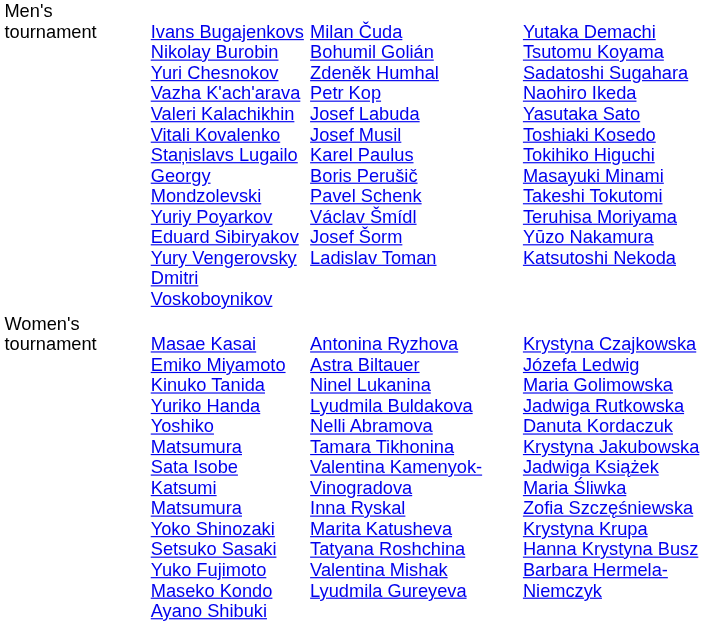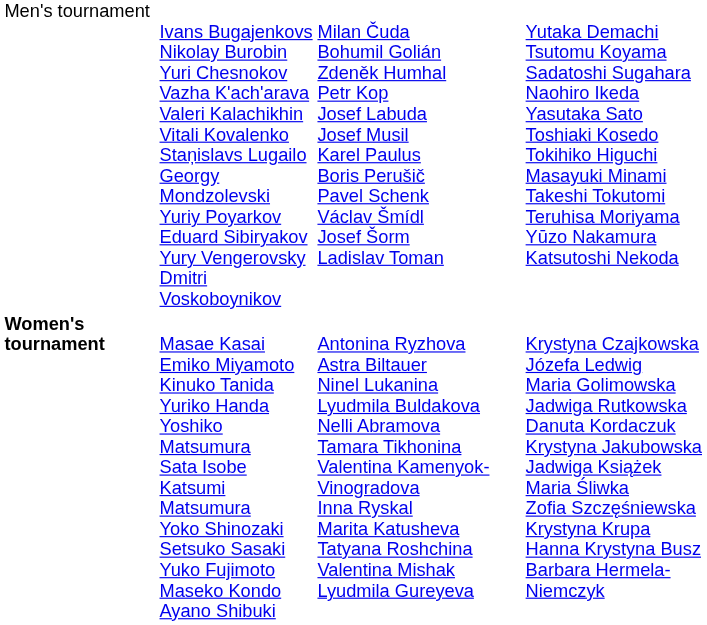 <table>
 <tr valign="top">
 <td>Men's tournament <br></td>
 <td valign=top><br><a href='#'>Ivans Bugajenkovs</a><br><a href='#'>Nikolay Burobin</a><br><a href='#'>Yuri Chesnokov</a><br><a href='#'>Vazha K'ach'arava</a><br><a href='#'>Valeri Kalachikhin</a><br><a href='#'>Vitali Kovalenko</a><br><a href='#'>Staņislavs Lugailo</a><br><a href='#'>Georgy Mondzolevski</a><br><a href='#'>Yuriy Poyarkov</a><br><a href='#'>Eduard Sibiryakov</a><br><a href='#'>Yury Vengerovsky</a><br><a href='#'>Dmitri Voskoboynikov</a></td>
 <td valign=top><br><a href='#'>Milan Čuda</a><br><a href='#'>Bohumil Golián</a><br><a href='#'>Zdeněk Humhal</a><br><a href='#'>Petr Kop</a><br><a href='#'>Josef Labuda</a><br><a href='#'>Josef Musil</a><br><a href='#'>Karel Paulus</a><br><a href='#'>Boris Perušič</a><br><a href='#'>Pavel Schenk</a><br><a href='#'>Václav Šmídl</a><br><a href='#'>Josef Šorm</a><br><a href='#'>Ladislav Toman</a></td>
 <td valign=top><br><a href='#'>Yutaka Demachi</a><br><a href='#'>Tsutomu Koyama</a><br><a href='#'>Sadatoshi Sugahara</a><br><a href='#'>Naohiro Ikeda</a><br><a href='#'>Yasutaka Sato</a><br><a href='#'>Toshiaki Kosedo</a><br><a href='#'>Tokihiko Higuchi</a><br><a href='#'>Masayuki Minami</a><br><a href='#'>Takeshi Tokutomi</a><br><a href='#'>Teruhisa Moriyama</a><br><a href='#'>Yūzo Nakamura</a><br><a href='#'>Katsutoshi Nekoda</a></td>
 </tr>
 <tr valign="top">
-<td>Women's tournament <br></td>
+<td><strong>Women's tournament <br></strong></td>
 <td valign=top><br><a href='#'>Masae Kasai</a><br><a href='#'>Emiko Miyamoto</a><br><a href='#'>Kinuko Tanida</a><br><a href='#'>Yuriko Handa</a><br><a href='#'>Yoshiko Matsumura</a><br><a href='#'>Sata Isobe</a><br><a href='#'>Katsumi Matsumura</a><br><a href='#'>Yoko Shinozaki</a><br><a href='#'>Setsuko Sasaki</a><br><a href='#'>Yuko Fujimoto</a><br><a href='#'>Maseko Kondo</a><br><a href='#'>Ayano Shibuki</a></td>
 <td valign=top><br><a href='#'>Antonina Ryzhova</a><br><a href='#'>Astra Biltauer</a><br><a href='#'>Ninel Lukanina</a><br><a href='#'>Lyudmila Buldakova</a><br><a href='#'>Nelli Abramova</a><br><a href='#'>Tamara Tikhonina</a><br><a href='#'>Valentina Kamenyok-Vinogradova</a><br><a href='#'>Inna Ryskal</a><br><a href='#'>Marita Katusheva</a><br><a href='#'>Tatyana Roshchina</a><br><a href='#'>Valentina Mishak</a><br><a href='#'>Lyudmila Gureyeva</a></td>
 <td valign=top><br><a href='#'>Krystyna Czajkowska</a><br><a href='#'>Józefa Ledwig</a><br><a href='#'>Maria Golimowska</a><br><a href='#'>Jadwiga Rutkowska</a><br><a href='#'>Danuta Kordaczuk</a><br><a href='#'>Krystyna Jakubowska</a><br><a href='#'>Jadwiga Książek</a><br><a href='#'>Maria Śliwka</a><br><a href='#'>Zofia Szczęśniewska</a><br><a href='#'>Krystyna Krupa</a><br><a href='#'>Hanna Krystyna Busz</a><br><a href='#'>Barbara Hermela-Niemczyk</a></td>
 </tr>
 </table>
